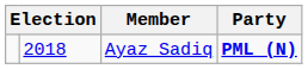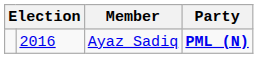 <table class="wikitable">
 <tr>
 <th colspan="2">Election</th>
 <th>Member</th>
 <th>Party</th>
 </tr>
 <tr>
 <td style="background-color: "></td>
-<td><a href='#'>2018</a></td>
+<td><a href='#'>2016</a></td>
 <td><a href='#'>Ayaz Sadiq</a></td>
 <td><strong><a href='#'>PML (N)</a></strong></td>
 </tr>
 </table>
